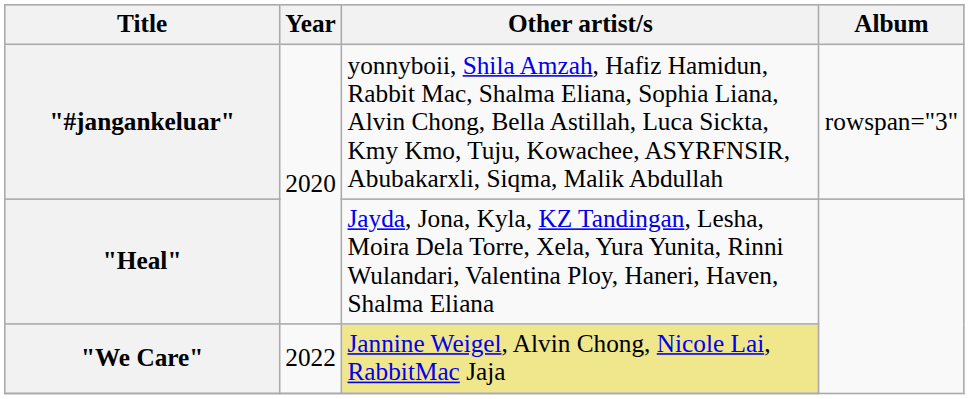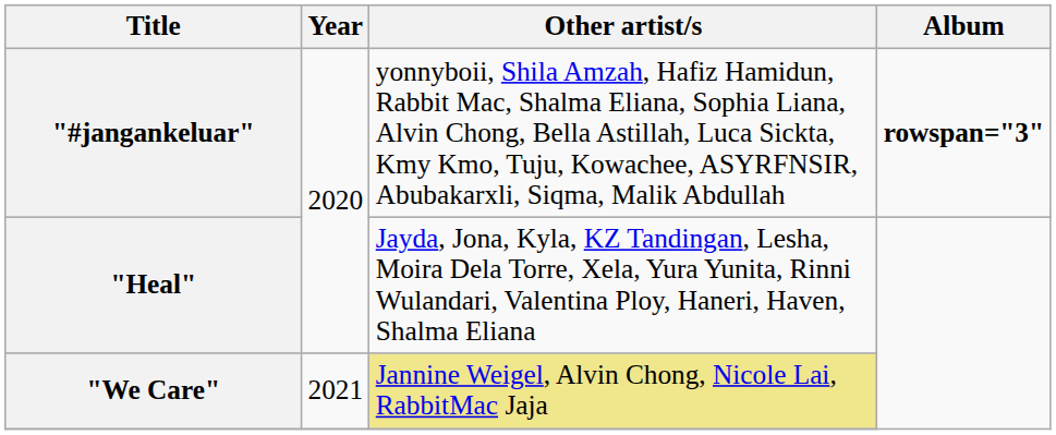 <table class="wikitable plainrowheaders">
 <tr>
 <th scope="col" style="width:12em;">Title</th>
 <th scope="col">Year</th>
 <th scope="col" style="width:25em;">Other artist/s</th>
 <th scope="col">Album</th>
 </tr>
 <tr>
 <th scope="row">"#jangankeluar"</th>
 <td rowspan="2">2020</td>
 <td>yonnyboii, <a href='#'>Shila Amzah</a>, Hafiz Hamidun, Rabbit Mac, Shalma Eliana, Sophia Liana, Alvin Chong, Bella Astillah, Luca Sickta, Kmy Kmo, Tuju, Kowachee, ASYRFNSIR, Abubakarxli, Siqma, Malik Abdullah</td>
-<td>rowspan="3"</td>
+<td><strong>rowspan="3"</strong></td>
 </tr>
 <tr>
 <th scope="row">"Heal"</th>
 <td><a href='#'>Jayda</a>, Jona, Kyla, <a href='#'>KZ Tandingan</a>, Lesha, Moira Dela Torre, Xela, Yura Yunita, Rinni Wulandari, Valentina Ploy, Haneri, Haven, Shalma Eliana</td>
 </tr>
 <tr>
 <th scope="row">"We Care"</th>
-<td>2022</td>
+<td>2021</td>
 <td style="background: khaki;"><a href='#'>Jannine Weigel</a>, Alvin Chong, <a href='#'>Nicole Lai</a>, <a href='#'>RabbitMac</a> Jaja</td>
 </tr>
 <tr>
 </tr>
 </table>
